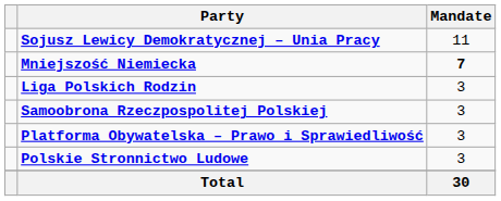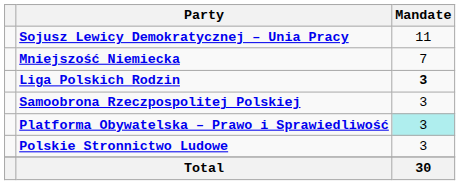 <table class="wikitable">
 <tr>
 <th width=5></th>
 <th>Party</th>
 <th>Mandate</th>
 </tr>
 <tr>
 <td style="background:"></td>
 <td><strong><a href='#'>Sojusz Lewicy Demokratycznej – Unia Pracy</a></strong></td>
 <td align="center">11</td>
 </tr>
 <tr>
 <td style="background:"></td>
 <td><strong><a href='#'>Mniejszość Niemiecka</a></strong></td>
-<td align="center"><strong>7</strong></td>
+<td align="center">7</td>
 </tr>
 <tr>
 <td style="background:"></td>
 <td><strong><a href='#'>Liga Polskich Rodzin</a></strong></td>
-<td align="center">3</td>
+<td align="center"><strong>3</strong></td>
 </tr>
 <tr>
 <td style="background:"></td>
 <td><strong><a href='#'>Samoobrona Rzeczpospolitej Polskiej</a></strong></td>
 <td align="center">3</td>
 </tr>
 <tr>
 <td style="background:"></td>
 <td><strong><a href='#'>Platforma Obywatelska – Prawo i Sprawiedliwość</a></strong></td>
-<td align="center">3</td>
+<td align="center" style="background: paleturquoise;">3</td>
 </tr>
 <tr>
 <td style="background:"></td>
 <td><strong><a href='#'>Polskie Stronnictwo Ludowe</a></strong></td>
 <td align="center">3</td>
 </tr>
 <tr bgcolor="#ececec">
 </tr>
 <tr bgcolor="#ececec">
 <th></th>
 <th>Total</th>
 <th align="center">30</th>
 </tr>
 </table>
